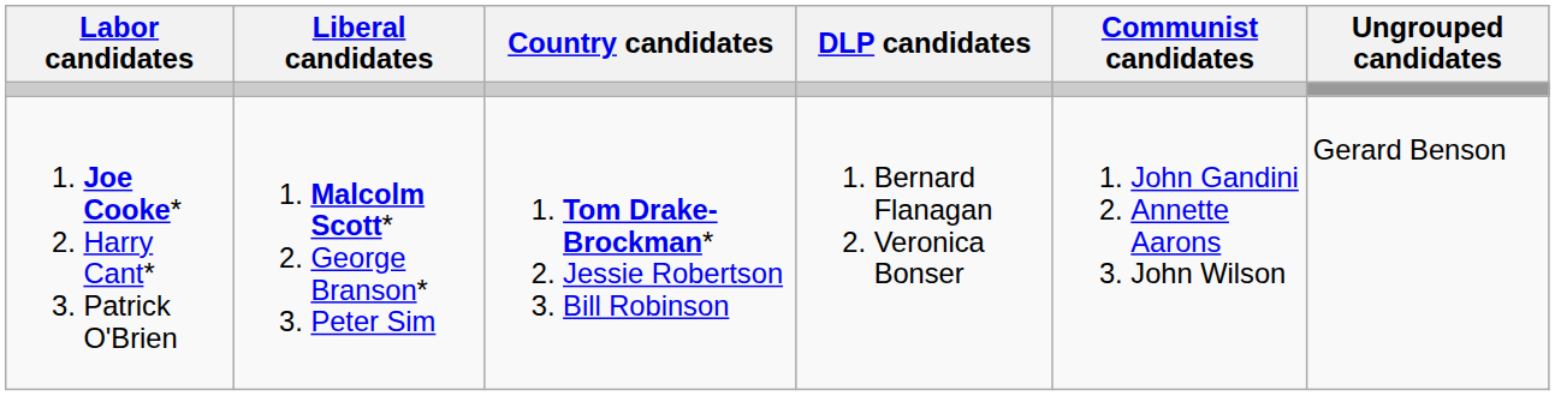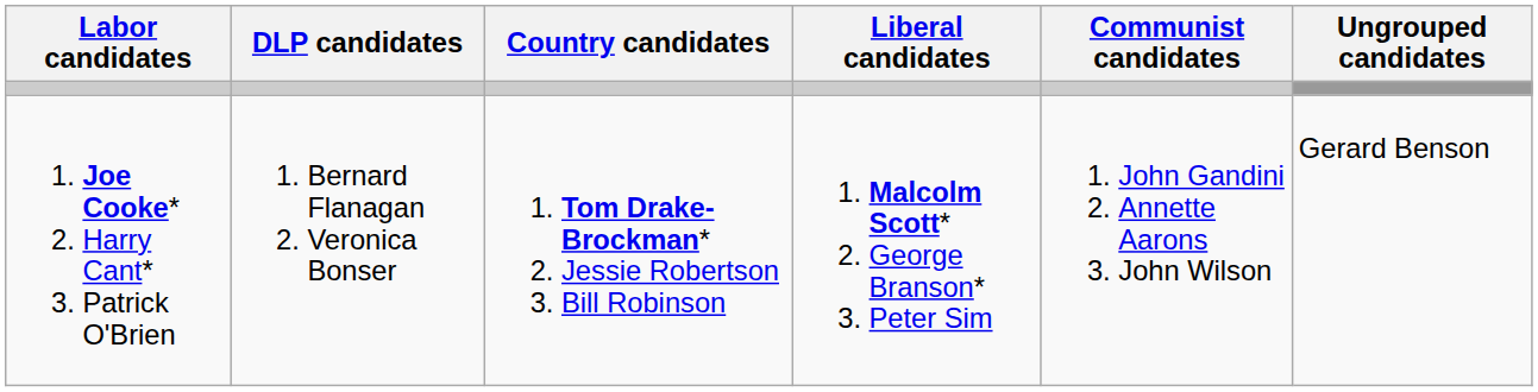 <table class="wikitable">
 <tr>
 <th><a href='#'>Labor</a> candidates</th>
+<th><a href='#'>DLP</a> candidates</th>
+<th><a href='#'>Country</a> candidates</th>
 <th><a href='#'>Liberal</a> candidates</th>
-<th><a href='#'>Country</a> candidates</th>
-<th><a href='#'>DLP</a> candidates</th>
 <th><a href='#'>Communist</a> candidates</th>
 <th>Ungrouped candidates</th>
 </tr>
 <tr bgcolor="#cccccc">
 <td></td>
 <td></td>
 <td></td>
 <td></td>
 <td></td>
 <td bgcolor="#999999"></td>
 </tr>
 <tr>
 <td><br><ol><li><strong><a href='#'>Joe Cooke</a></strong>*</li><li><a href='#'>Harry Cant</a>*</li><li>Patrick O'Brien</li></ol></td>
+<td valign=top><br><ol><li>Bernard Flanagan</li><li>Veronica Bonser</li></ol></td>
+<td><br><ol><li><strong><a href='#'>Tom Drake-Brockman</a></strong>*</li><li><a href='#'>Jessie Robertson</a></li><li><a href='#'>Bill Robinson</a></li></ol></td>
 <td><br><ol><li><strong><a href='#'>Malcolm Scott</a></strong>*</li><li><a href='#'>George Branson</a>*</li><li><a href='#'>Peter Sim</a></li></ol></td>
-<td><br><ol><li><strong><a href='#'>Tom Drake-Brockman</a></strong>*</li><li><a href='#'>Jessie Robertson</a></li><li><a href='#'>Bill Robinson</a></li></ol></td>
-<td valign=top><br><ol><li>Bernard Flanagan</li><li>Veronica Bonser</li></ol></td>
 <td valign=top><br><ol><li><a href='#'>John Gandini</a></li><li><a href='#'>Annette Aarons</a></li><li>John Wilson</li></ol></td>
 <td valign=top><br>Gerard Benson</td>
 </tr>
 </table>
